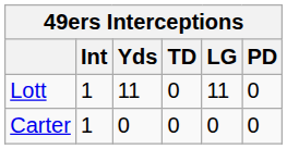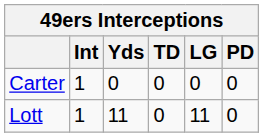 <table class="wikitable">
 <tr>
 <th colspan="6">49ers Interceptions</th>
 </tr>
 <tr>
 <th></th>
 <th>Int</th>
 <th>Yds</th>
 <th>TD</th>
 <th>LG</th>
 <th>PD</th>
 </tr>
 <tr>
+<td><a href='#'>Carter</a></td>
+<td>1</td>
+<td>0</td>
+<td>0</td>
+<td>0</td>
+<td>0</td>
+</tr>
+<tr>
 <td><a href='#'>Lott</a></td>
 <td>1</td>
 <td>11</td>
 <td>0</td>
 <td>11</td>
 <td>0</td>
 </tr>
-<tr>
-<td><a href='#'>Carter</a></td>
-<td>1</td>
-<td>0</td>
-<td>0</td>
-<td>0</td>
-<td>0</td>
-</tr>
 </table>
